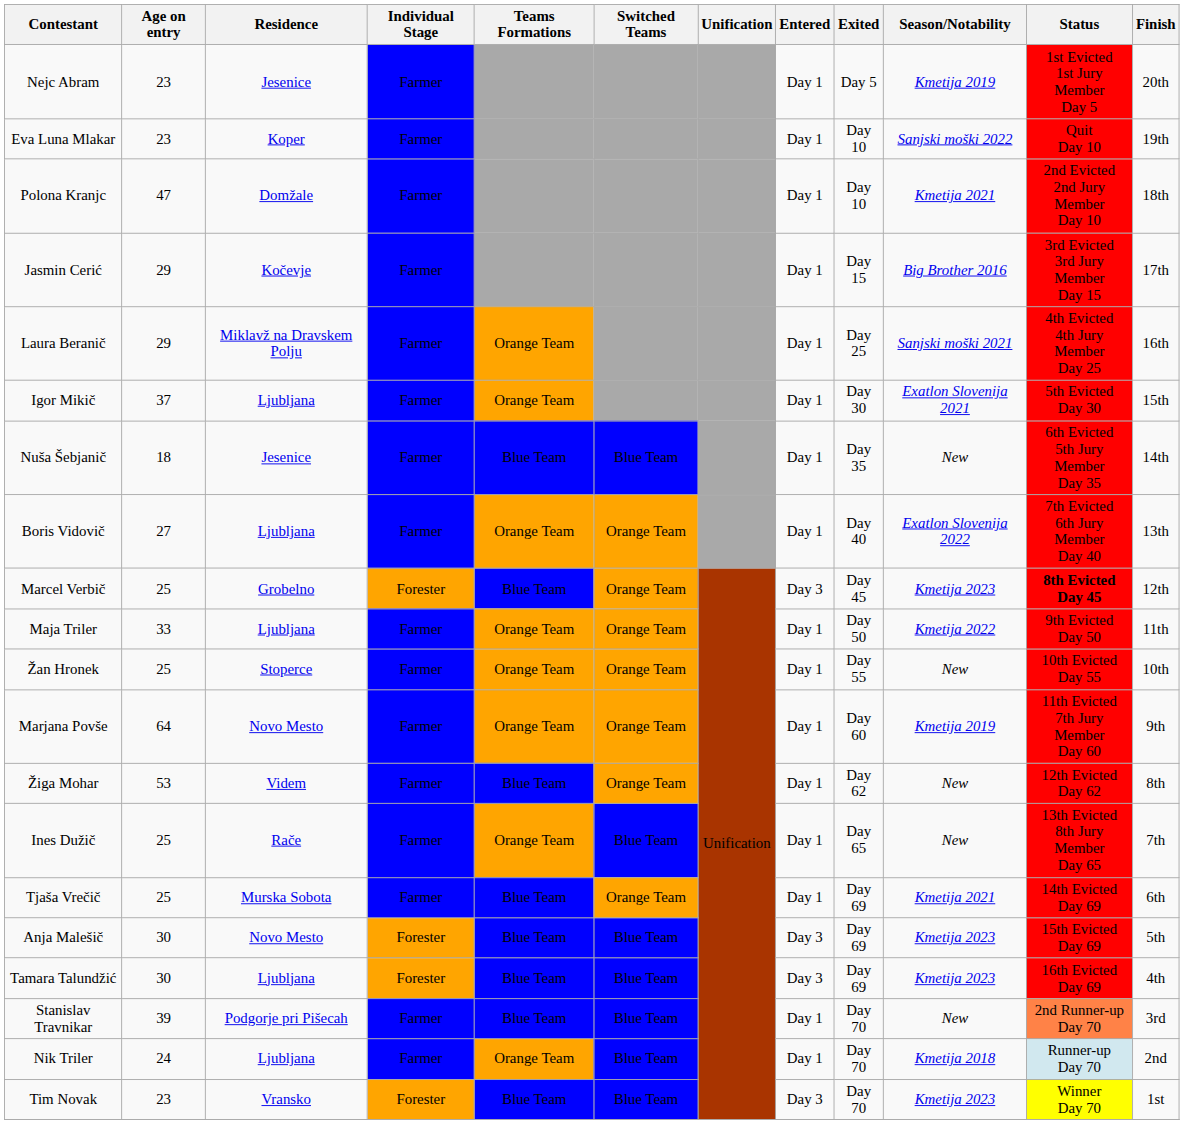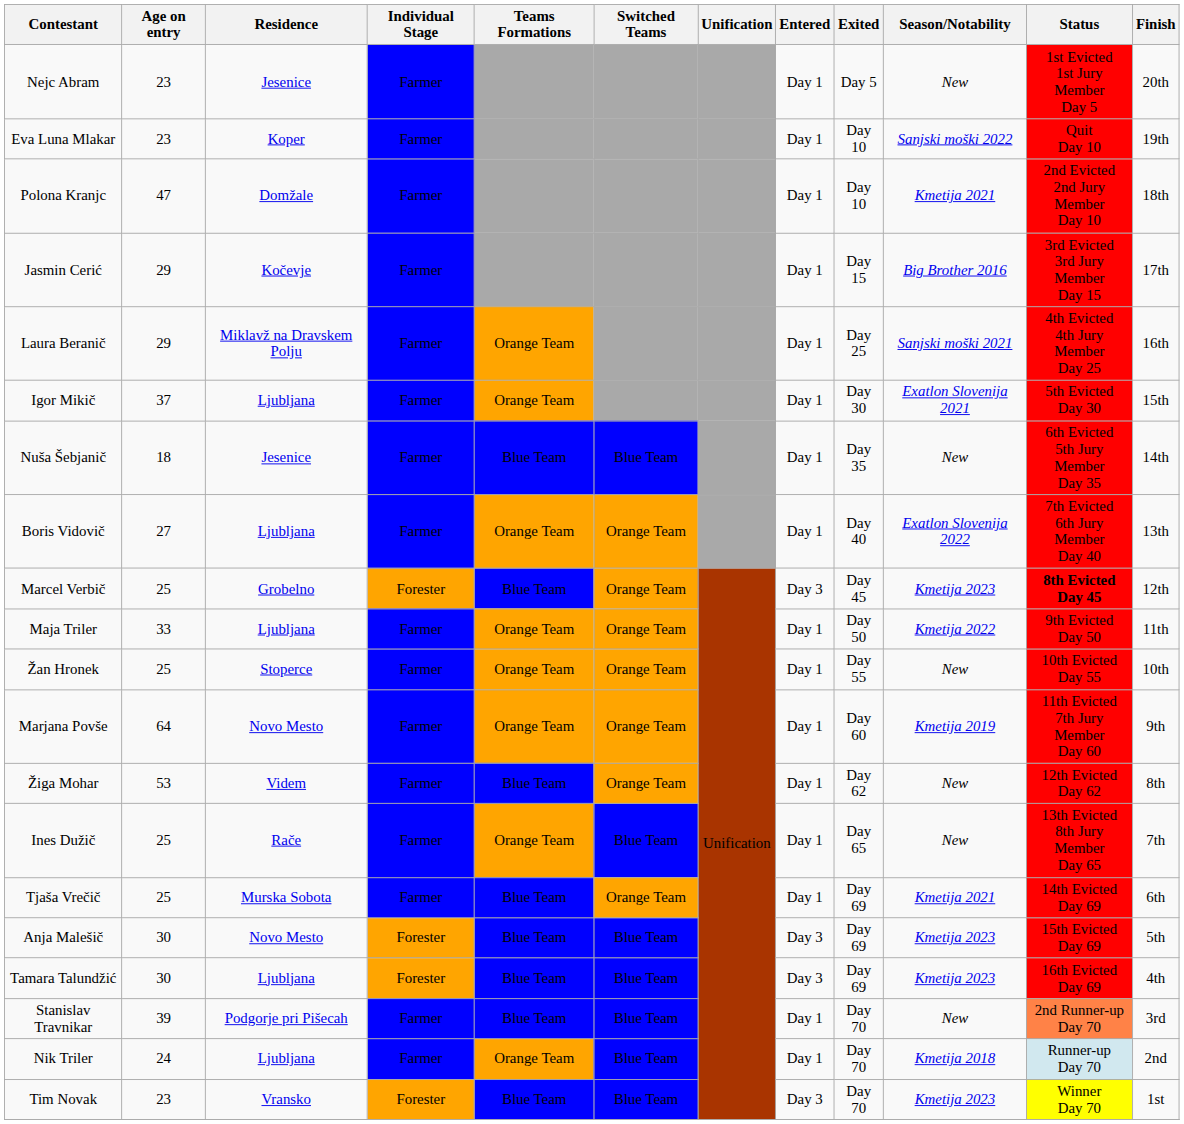 <table class="wikitable sortable" style="margin:auto; text-align:center">
 <tr>
 <th>Contestant</th>
 <th>Age on entry</th>
 <th>Residence</th>
 <th>Individual Stage</th>
 <th>Teams Formations</th>
 <th>Switched Teams</th>
 <th>Unification</th>
 <th>Entered</th>
 <th>Exited</th>
 <th>Season/Notability</th>
 <th>Status</th>
 <th>Finish</th>
 </tr>
 <tr>
 <td>Nejc Abram</td>
 <td>23</td>
 <td><a href='#'>Jesenice</a></td>
 <td bgcolor="blue" >Farmer</td>
 <td bgcolor="darkgrey"></td>
 <td bgcolor="darkgrey"></td>
 <td bgcolor="darkgrey"></td>
 <td>Day 1</td>
 <td>Day 5</td>
-<td><em><a href='#'>Kmetija 2019</a></em></td>
+<td><em>New</em></td>
 <td style="background:#ff0000;">1st Evicted<br>1st Jury Member<br>Day 5</td>
 <td>20th</td>
 </tr>
 <tr>
 <td>Eva Luna Mlakar</td>
 <td>23</td>
 <td><a href='#'>Koper</a></td>
 <td bgcolor="blue" >Farmer</td>
 <td bgcolor="darkgrey"></td>
 <td bgcolor="darkgrey"></td>
 <td bgcolor="darkgrey"></td>
 <td>Day 1</td>
 <td>Day 10</td>
 <td><em><a href='#'>Sanjski moški 2022</a></em></td>
 <td style="background:#ff0000;">Quit<br>Day 10</td>
 <td>19th</td>
 </tr>
 <tr>
 <td>Polona Kranjc</td>
 <td>47</td>
 <td><a href='#'>Domžale</a></td>
 <td bgcolor="blue" >Farmer</td>
 <td bgcolor="darkgrey"></td>
 <td bgcolor="darkgrey"></td>
 <td bgcolor="darkgrey"></td>
 <td>Day 1</td>
 <td>Day 10</td>
 <td><em><a href='#'>Kmetija 2021</a></em></td>
 <td style="background:#ff0000;">2nd Evicted<br>2nd Jury Member<br>Day 10</td>
 <td>18th</td>
 </tr>
 <tr>
 <td>Jasmin Cerić</td>
 <td>29</td>
 <td><a href='#'>Kočevje</a></td>
 <td bgcolor="blue" >Farmer</td>
 <td bgcolor="darkgrey"></td>
 <td bgcolor="darkgrey"></td>
 <td bgcolor="darkgrey"></td>
 <td>Day 1</td>
 <td>Day 15</td>
 <td><em><a href='#'>Big Brother 2016</a></em></td>
 <td style="background:#ff0000;">3rd Evicted<br>3rd Jury Member<br>Day 15</td>
 <td>17th</td>
 </tr>
 <tr>
 <td>Laura Beranič</td>
 <td>29</td>
 <td><a href='#'>Miklavž na Dravskem Polju</a></td>
 <td bgcolor="blue" >Farmer</td>
 <td bgcolor="orange">Orange Team</td>
 <td bgcolor="darkgrey"></td>
 <td bgcolor="darkgrey"></td>
 <td>Day 1</td>
 <td>Day 25</td>
 <td><em><a href='#'>Sanjski moški 2021</a></em></td>
 <td style="background:#ff0000;">4th Evicted<br>4th Jury Member<br>Day 25</td>
 <td>16th</td>
 </tr>
 <tr>
 <td>Igor Mikič</td>
 <td>37</td>
 <td><a href='#'>Ljubljana</a></td>
 <td bgcolor="blue" >Farmer</td>
 <td bgcolor="orange">Orange Team</td>
 <td bgcolor="darkgrey"></td>
 <td bgcolor="darkgrey"></td>
 <td>Day 1</td>
 <td>Day 30</td>
 <td><em><a href='#'>Exatlon Slovenija 2021</a></em></td>
 <td style="background:#ff0000;">5th Evicted<br>Day 30</td>
 <td>15th</td>
 </tr>
 <tr>
 <td>Nuša Šebjanič</td>
 <td>18</td>
 <td><a href='#'>Jesenice</a></td>
 <td bgcolor="blue" >Farmer</td>
 <td bgcolor="blue" >Blue Team</td>
 <td bgcolor="blue" >Blue Team</td>
 <td bgcolor="darkgrey"></td>
 <td>Day 1</td>
 <td>Day 35</td>
 <td><em>New</em></td>
 <td style="background:#ff0000;">6th Evicted<br>5th Jury Member<br>Day 35</td>
 <td>14th</td>
 </tr>
 <tr>
 <td>Boris Vidovič</td>
 <td>27</td>
 <td><a href='#'>Ljubljana</a></td>
 <td bgcolor="blue" >Farmer</td>
 <td bgcolor="orange">Orange Team</td>
 <td bgcolor="orange">Orange Team</td>
 <td bgcolor="darkgrey"></td>
 <td>Day 1</td>
 <td>Day 40</td>
 <td><em><a href='#'>Exatlon Slovenija 2022</a></em></td>
 <td style="background:#ff0000;">7th Evicted<br>6th Jury Member<br>Day 40</td>
 <td>13th</td>
 </tr>
 <tr>
 <td>Marcel Verbič</td>
 <td>25</td>
 <td><a href='#'>Grobelno</a></td>
 <td bgcolor="orange">Forester</td>
 <td bgcolor="blue" >Blue Team</td>
 <td bgcolor="orange">Orange Team</td>
 <td rowspan="12" bgcolor="#a93400" >Unification</td>
 <td>Day 3</td>
 <td>Day 45</td>
 <td><em><a href='#'>Kmetija 2023</a></em></td>
 <td style="background:#ff0000;"><strong>8th Evicted<br>Day 45</strong></td>
 <td>12th</td>
 </tr>
 <tr>
 <td>Maja Triler</td>
 <td>33</td>
 <td><a href='#'>Ljubljana</a></td>
 <td bgcolor="blue" >Farmer</td>
 <td bgcolor="orange">Orange Team</td>
 <td bgcolor="orange">Orange Team</td>
 <td>Day 1</td>
 <td>Day 50</td>
 <td><em><a href='#'>Kmetija 2022</a></em></td>
 <td style="background:#ff0000;">9th Evicted<br>Day 50</td>
 <td>11th</td>
 </tr>
 <tr>
 <td>Žan Hronek</td>
 <td>25</td>
 <td><a href='#'>Stoperce</a></td>
 <td bgcolor="blue" >Farmer</td>
 <td bgcolor="orange">Orange Team</td>
 <td bgcolor="orange">Orange Team</td>
 <td>Day 1</td>
 <td>Day 55</td>
 <td><em>New</em></td>
 <td style="background:#ff0000;">10th Evicted<br>Day 55</td>
 <td>10th</td>
 </tr>
 <tr>
 <td>Marjana Povše</td>
 <td>64</td>
 <td><a href='#'>Novo Mesto</a></td>
 <td bgcolor="blue" >Farmer</td>
 <td bgcolor="orange">Orange Team</td>
 <td bgcolor="orange">Orange Team</td>
 <td>Day 1</td>
 <td>Day 60</td>
 <td><em><a href='#'>Kmetija 2019</a></em></td>
 <td style="background:#ff0000;">11th Evicted<br>7th Jury Member<br>Day 60</td>
 <td>9th</td>
 </tr>
 <tr>
 <td>Žiga Mohar</td>
 <td>53</td>
 <td><a href='#'>Videm</a></td>
 <td bgcolor="blue" >Farmer</td>
 <td bgcolor="blue" >Blue Team</td>
 <td bgcolor="orange">Orange Team</td>
 <td>Day 1</td>
 <td>Day 62</td>
 <td><em>New</em></td>
 <td style="background:#ff0000;">12th Evicted<br>Day 62</td>
 <td>8th</td>
 </tr>
 <tr>
 <td>Ines Dužič</td>
 <td>25</td>
 <td><a href='#'>Rače</a></td>
 <td bgcolor="blue" >Farmer</td>
 <td bgcolor="orange">Orange Team</td>
 <td bgcolor="blue" >Blue Team</td>
 <td>Day 1</td>
 <td>Day 65</td>
 <td><em>New</em></td>
 <td style="background:#ff0000;">13th Evicted<br>8th Jury Member<br>Day 65</td>
 <td>7th</td>
 </tr>
 <tr>
 <td>Tjaša Vrečič</td>
 <td>25</td>
 <td><a href='#'>Murska Sobota</a></td>
 <td bgcolor="blue" >Farmer</td>
 <td bgcolor="blue" >Blue Team</td>
 <td bgcolor="orange">Orange Team</td>
 <td>Day 1</td>
 <td>Day 69</td>
 <td><em><a href='#'>Kmetija 2021</a></em></td>
 <td style="background:#ff0000;">14th Evicted<br>Day 69</td>
 <td>6th</td>
 </tr>
 <tr>
 <td>Anja Malešič</td>
 <td>30</td>
 <td><a href='#'>Novo Mesto</a></td>
 <td bgcolor="orange">Forester</td>
 <td bgcolor="blue" >Blue Team</td>
 <td bgcolor="blue" >Blue Team</td>
 <td>Day 3</td>
 <td>Day 69</td>
 <td><em><a href='#'>Kmetija 2023</a></em></td>
 <td style="background:#ff0000;">15th Evicted<br>Day 69</td>
 <td>5th</td>
 </tr>
 <tr>
 <td>Tamara Talundžić</td>
 <td>30</td>
 <td><a href='#'>Ljubljana</a></td>
 <td bgcolor="orange">Forester</td>
 <td bgcolor="blue" >Blue Team</td>
 <td bgcolor="blue" >Blue Team</td>
 <td>Day 3</td>
 <td>Day 69</td>
 <td><em><a href='#'>Kmetija 2023</a></em></td>
 <td style="background:#ff0000;">16th Evicted<br>Day 69</td>
 <td>4th</td>
 </tr>
 <tr>
 <td>Stanislav Travnikar</td>
 <td>39</td>
 <td><a href='#'>Podgorje pri Pišecah</a></td>
 <td bgcolor="blue" >Farmer</td>
 <td bgcolor="blue" >Blue Team</td>
 <td bgcolor="blue" >Blue Team</td>
 <td>Day 1</td>
 <td>Day 70</td>
 <td><em>New</em></td>
 <td style="background:#FF8247">2nd Runner-up<br>Day 70</td>
 <td>3rd</td>
 </tr>
 <tr>
 <td>Nik Triler</td>
 <td>24</td>
 <td><a href='#'>Ljubljana</a></td>
 <td bgcolor="blue" >Farmer</td>
 <td bgcolor="orange">Orange Team</td>
 <td bgcolor="blue" >Blue Team</td>
 <td>Day 1</td>
 <td>Day 70</td>
 <td><em><a href='#'>Kmetija 2018</a></em></td>
 <td style="background:#D1E8EF;">Runner-up<br>Day 70</td>
 <td>2nd</td>
 </tr>
 <tr>
 <td>Tim Novak</td>
 <td>23</td>
 <td><a href='#'>Vransko</a></td>
 <td bgcolor="orange">Forester</td>
 <td bgcolor="blue" >Blue Team</td>
 <td bgcolor="blue" >Blue Team</td>
 <td>Day 3</td>
 <td>Day 70</td>
 <td><em><a href='#'>Kmetija 2023</a></em></td>
 <td style="background:yellow">Winner<br>Day 70</td>
 <td>1st</td>
 </tr>
 <tr>
 </tr>
 </table>
